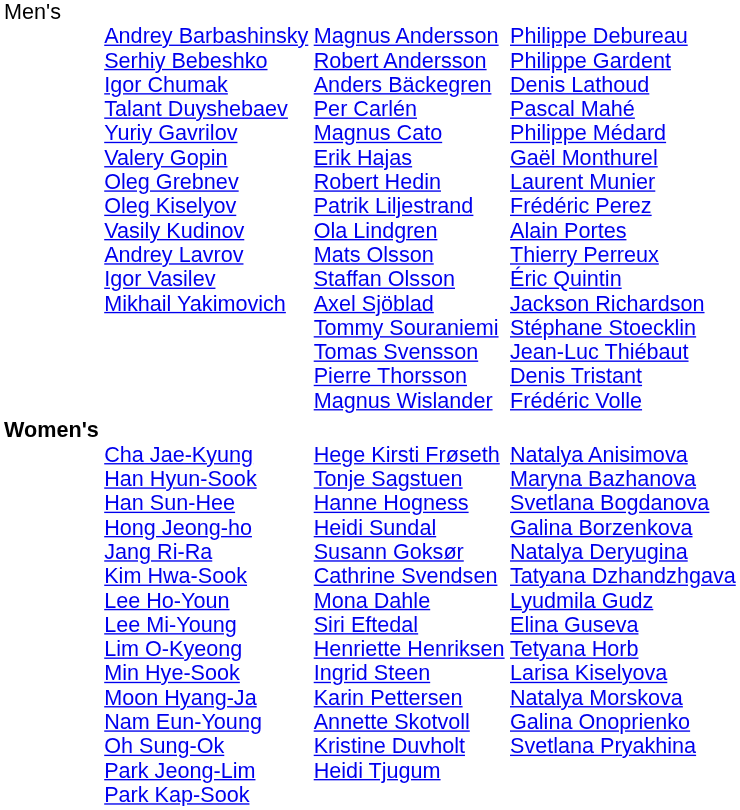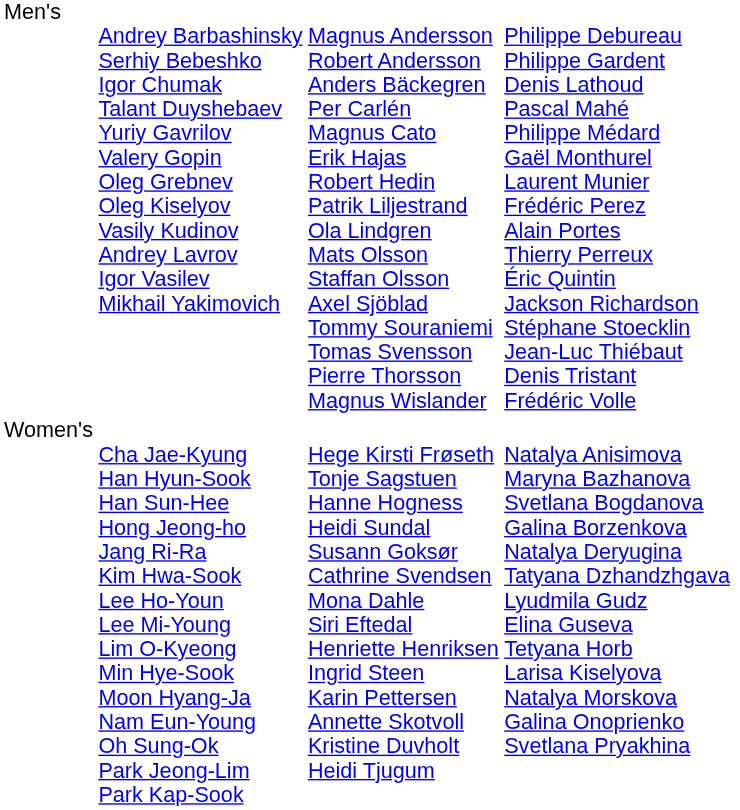 <table>
 <tr valign="top">
 <td>Men's <br></td>
 <td valign=top><br><a href='#'>Andrey Barbashinsky</a><br><a href='#'>Serhiy Bebeshko</a><br><a href='#'>Igor Chumak</a><br><a href='#'>Talant Duyshebaev</a><br><a href='#'>Yuriy Gavrilov</a><br><a href='#'>Valery Gopin</a><br><a href='#'>Oleg Grebnev</a><br><a href='#'>Oleg Kiselyov</a><br><a href='#'>Vasily Kudinov</a><br><a href='#'>Andrey Lavrov</a><br><a href='#'>Igor Vasilev</a><br><a href='#'>Mikhail Yakimovich</a></td>
 <td><br><a href='#'>Magnus Andersson</a><br><a href='#'>Robert Andersson</a><br><a href='#'>Anders Bäckegren</a><br><a href='#'>Per Carlén</a><br><a href='#'>Magnus Cato</a><br><a href='#'>Erik Hajas</a><br><a href='#'>Robert Hedin</a><br><a href='#'>Patrik Liljestrand</a><br><a href='#'>Ola Lindgren</a><br><a href='#'>Mats Olsson</a><br><a href='#'>Staffan Olsson</a><br><a href='#'>Axel Sjöblad</a><br><a href='#'>Tommy Souraniemi</a><br><a href='#'>Tomas Svensson</a><br><a href='#'>Pierre Thorsson</a><br><a href='#'>Magnus Wislander</a></td>
 <td><br><a href='#'>Philippe Debureau</a><br><a href='#'>Philippe Gardent</a><br><a href='#'>Denis Lathoud</a><br><a href='#'>Pascal Mahé</a><br><a href='#'>Philippe Médard</a><br><a href='#'>Gaël Monthurel</a><br><a href='#'>Laurent Munier</a><br><a href='#'>Frédéric Perez</a><br><a href='#'>Alain Portes</a><br><a href='#'>Thierry Perreux</a><br><a href='#'>Éric Quintin</a><br><a href='#'>Jackson Richardson</a><br><a href='#'>Stéphane Stoecklin</a><br><a href='#'>Jean-Luc Thiébaut</a><br><a href='#'>Denis Tristant</a><br><a href='#'>Frédéric Volle</a></td>
 </tr>
 <tr valign="top">
-<td><strong>Women's <br></strong></td>
+<td>Women's <br></td>
 <td><br><a href='#'>Cha Jae-Kyung</a><br><a href='#'>Han Hyun-Sook</a><br><a href='#'>Han Sun-Hee</a><br><a href='#'>Hong Jeong-ho</a><br><a href='#'>Jang Ri-Ra</a><br><a href='#'>Kim Hwa-Sook</a><br><a href='#'>Lee Ho-Youn</a><br><a href='#'>Lee Mi-Young</a><br><a href='#'>Lim O-Kyeong</a><br><a href='#'>Min Hye-Sook</a><br><a href='#'>Moon Hyang-Ja</a><br><a href='#'>Nam Eun-Young</a><br><a href='#'>Oh Sung-Ok</a><br><a href='#'>Park Jeong-Lim</a><br><a href='#'>Park Kap-Sook</a></td>
 <td valign=top><br><a href='#'>Hege Kirsti Frøseth</a><br><a href='#'>Tonje Sagstuen</a><br><a href='#'>Hanne Hogness</a><br><a href='#'>Heidi Sundal</a><br><a href='#'>Susann Goksør</a><br><a href='#'>Cathrine Svendsen</a><br><a href='#'>Mona Dahle</a><br><a href='#'>Siri Eftedal</a><br><a href='#'>Henriette Henriksen</a><br><a href='#'>Ingrid Steen</a><br><a href='#'>Karin Pettersen</a><br><a href='#'>Annette Skotvoll</a><br><a href='#'>Kristine Duvholt</a><br><a href='#'>Heidi Tjugum</a></td>
 <td valign=top><br><a href='#'>Natalya Anisimova</a><br><a href='#'>Maryna Bazhanova</a><br><a href='#'>Svetlana Bogdanova</a><br><a href='#'>Galina Borzenkova</a><br><a href='#'>Natalya Deryugina</a><br><a href='#'>Tatyana Dzhandzhgava</a><br><a href='#'>Lyudmila Gudz</a><br><a href='#'>Elina Guseva</a><br><a href='#'>Tetyana Horb</a><br><a href='#'>Larisa Kiselyova</a><br><a href='#'>Natalya Morskova</a><br><a href='#'>Galina Onoprienko</a><br><a href='#'>Svetlana Pryakhina</a></td>
 </tr>
 </table>
